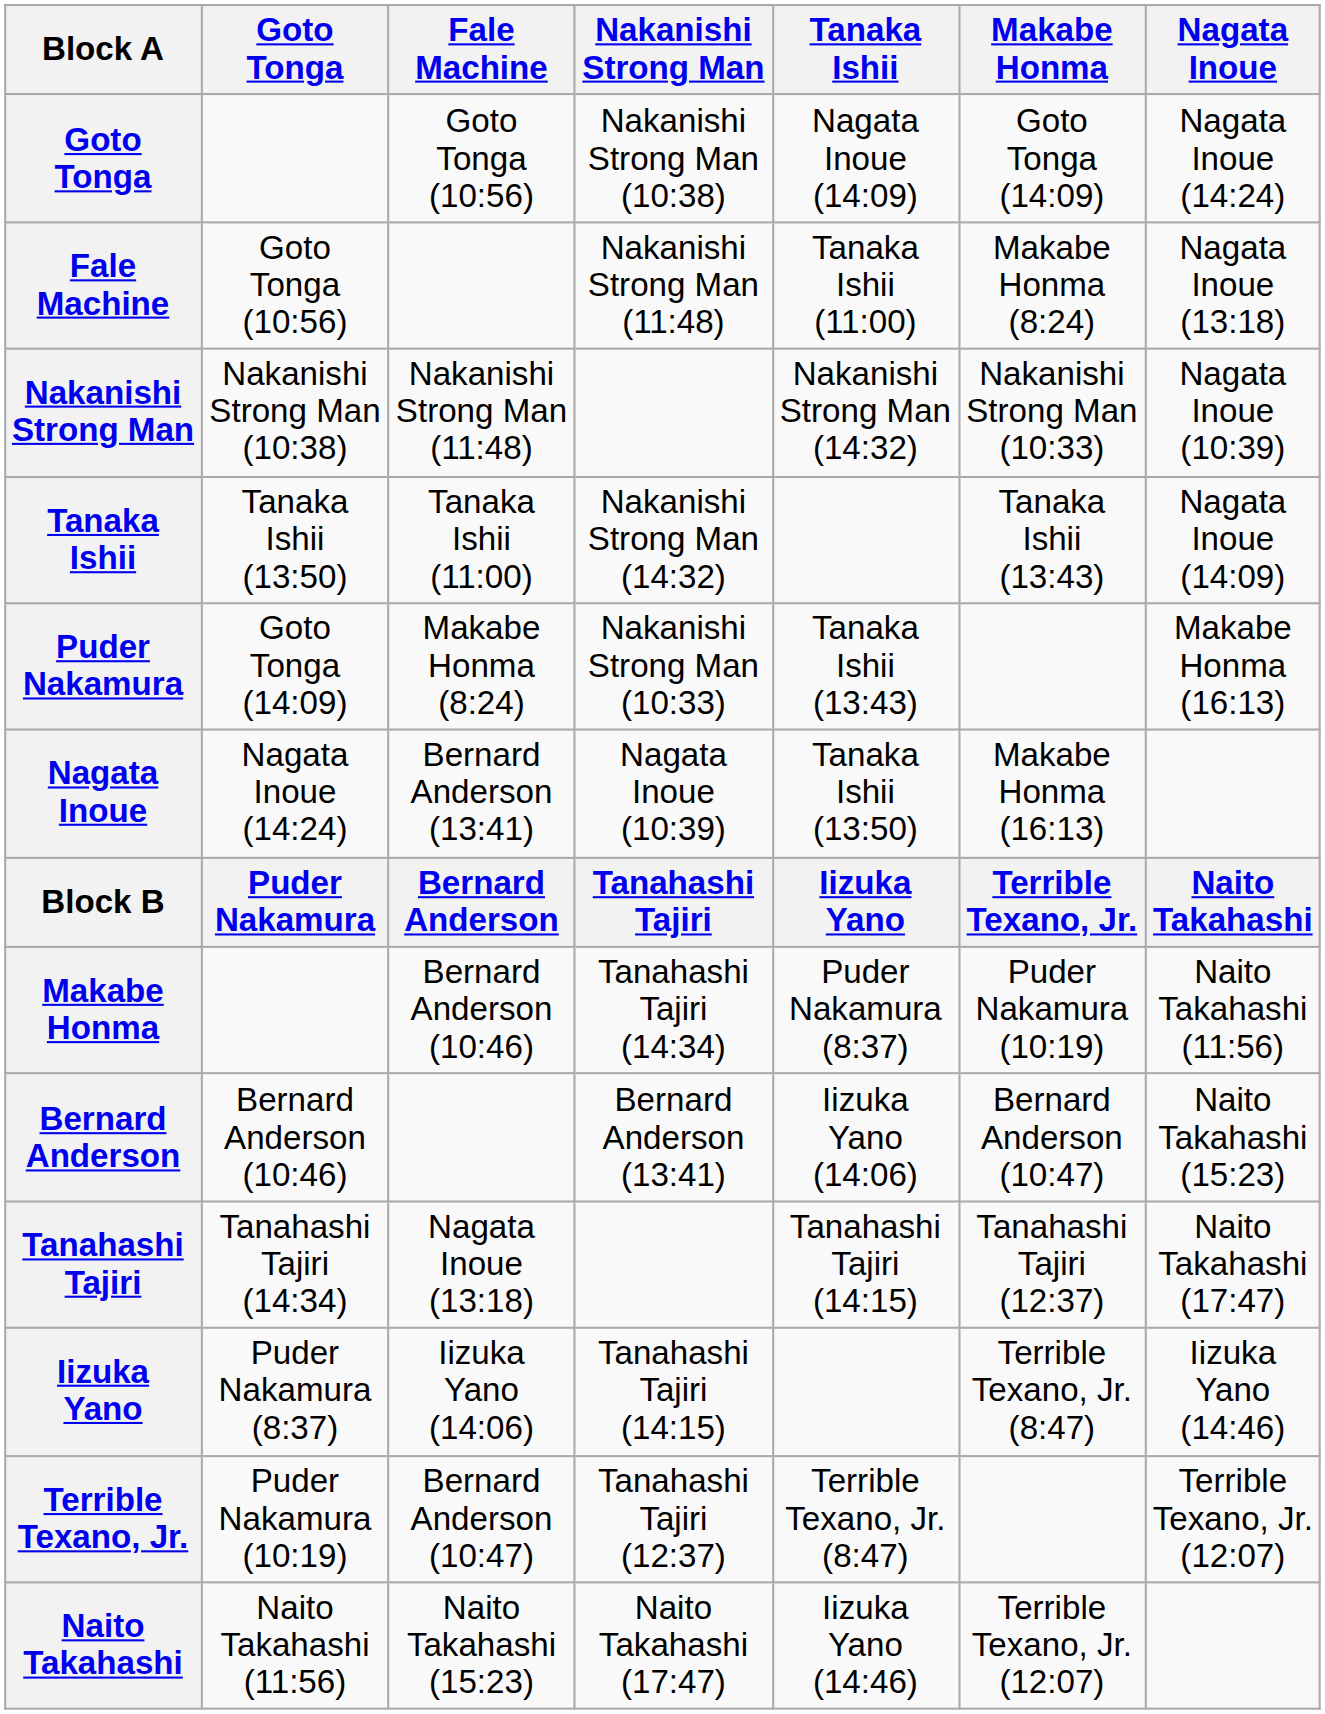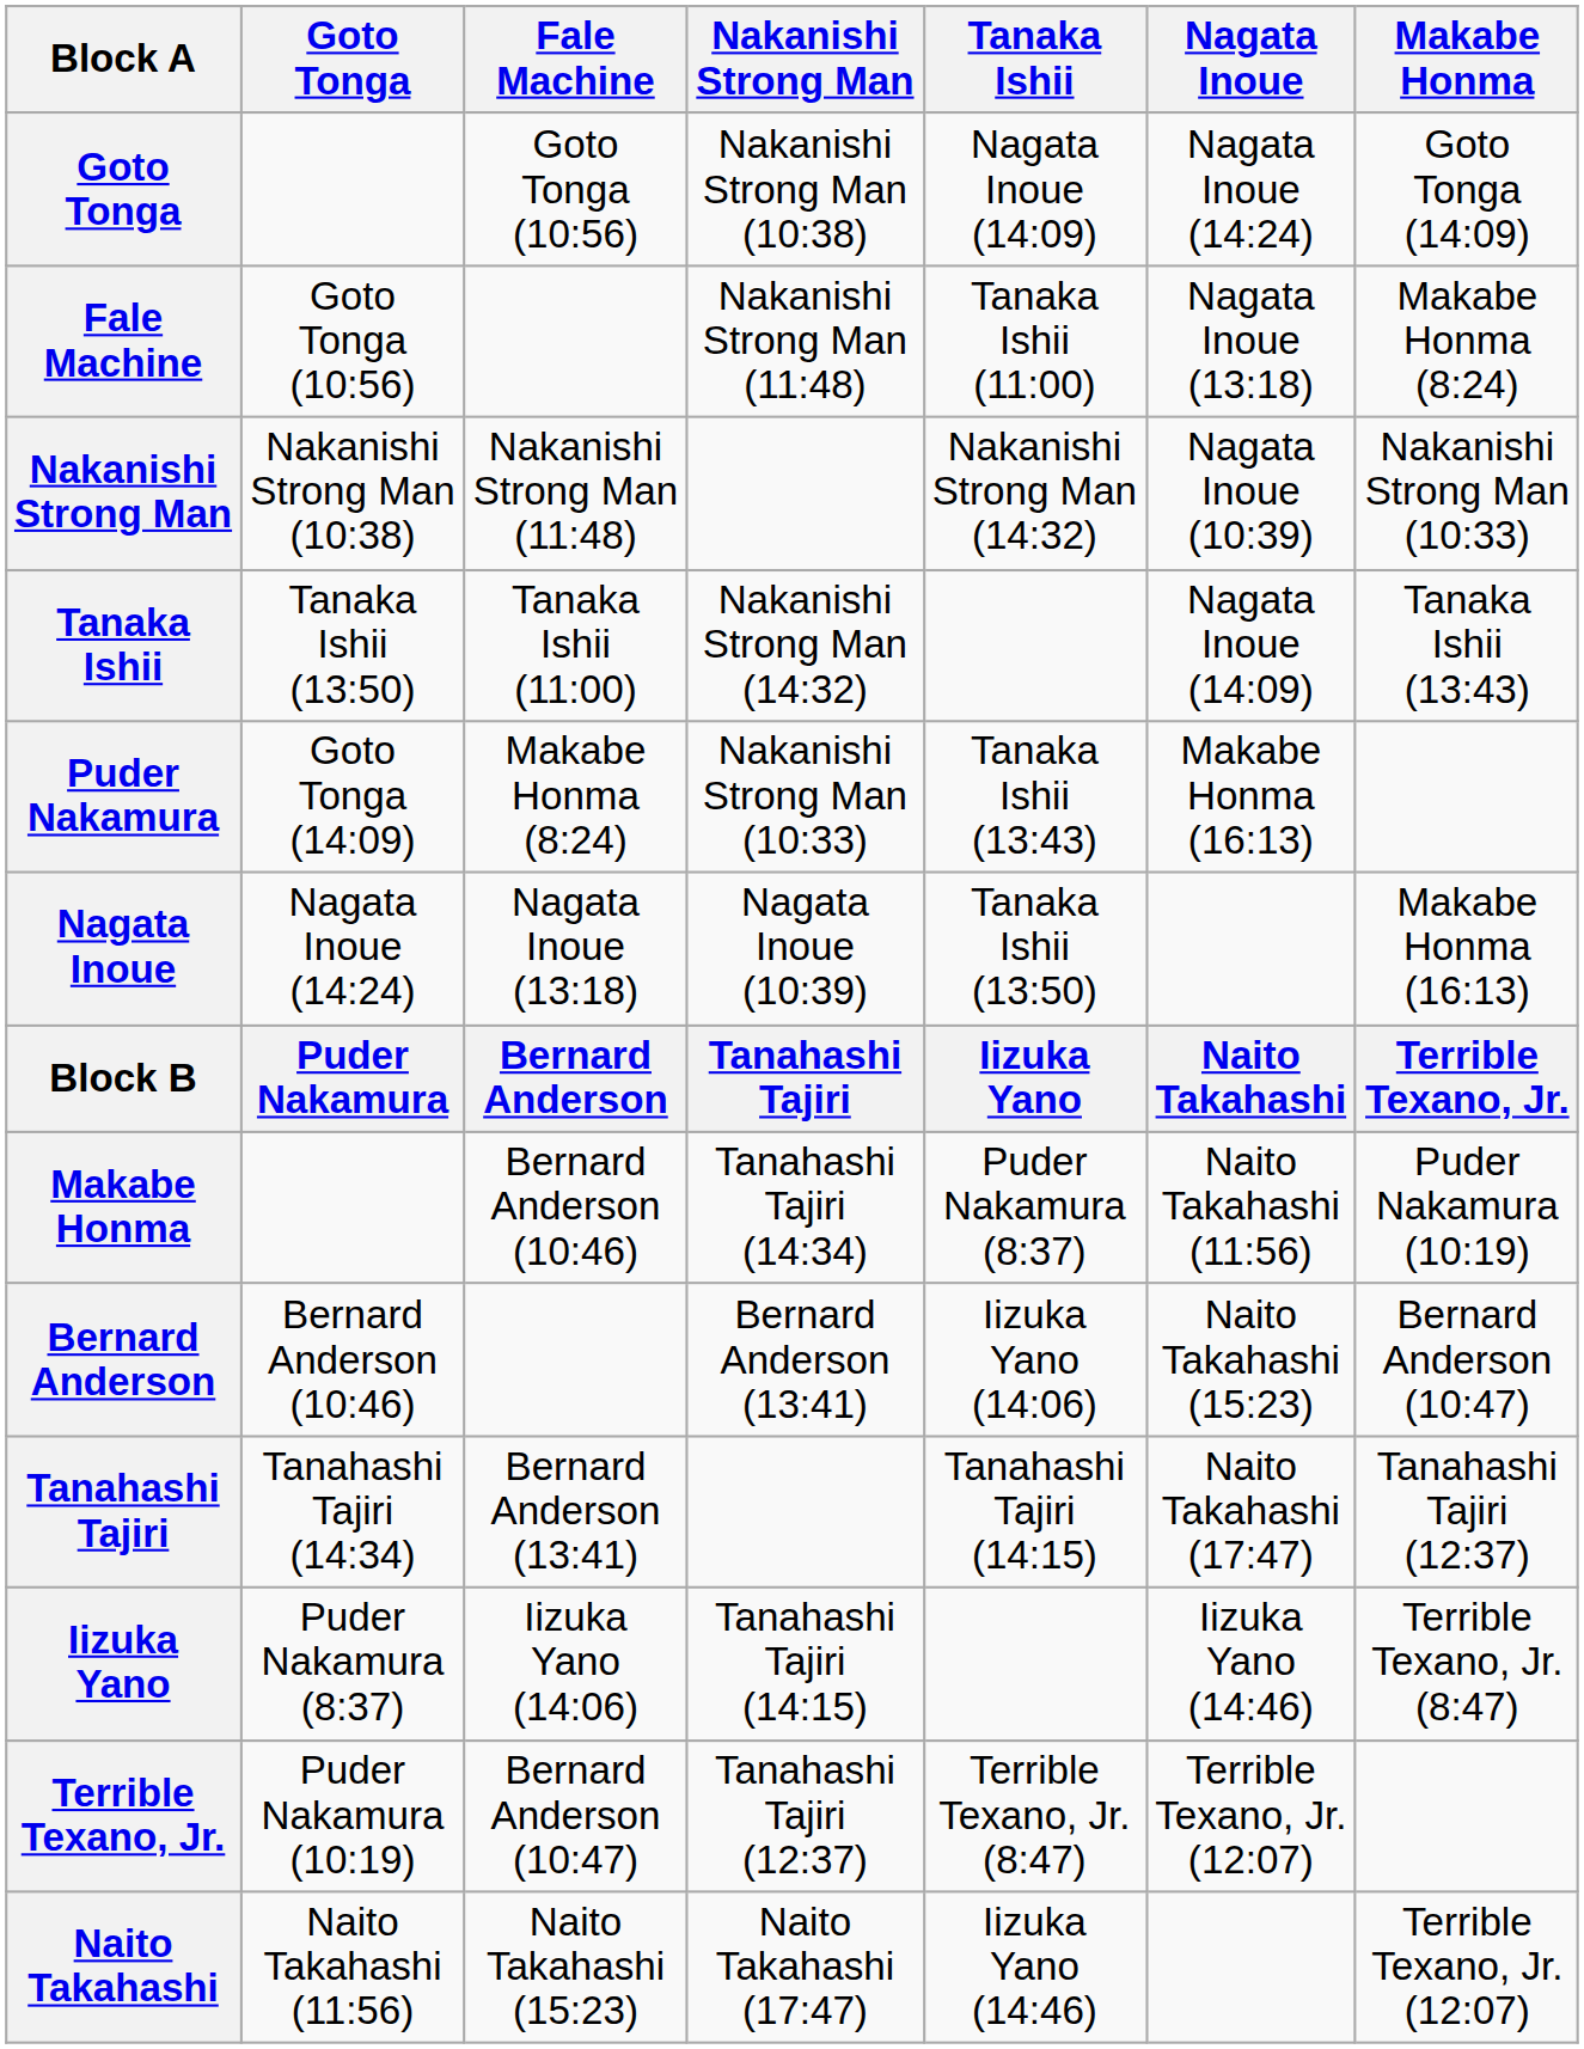 <table class="wikitable" style="text-align:center; margin: 1em auto 1em auto">
 <tr align="center">
 <th>Block A</th>
 <th><a href='#'>Goto</a><br><a href='#'>Tonga</a></th>
 <th><a href='#'>Fale</a><br><a href='#'>Machine</a></th>
 <th><a href='#'>Nakanishi</a><br><a href='#'>Strong Man</a></th>
 <th><a href='#'>Tanaka</a><br><a href='#'>Ishii</a></th>
+<th><a href='#'>Nagata</a><br><a href='#'>Inoue</a></th>
 <th><a href='#'>Makabe</a><br><a href='#'>Honma</a></th>
-<th><a href='#'>Nagata</a><br><a href='#'>Inoue</a></th>
 </tr>
 <tr align="center">
 <th><a href='#'>Goto</a><br><a href='#'>Tonga</a></th>
 <td></td>
 <td>Goto<br>Tonga<br>(10:56)</td>
 <td>Nakanishi<br>Strong Man<br>(10:38)</td>
 <td>Nagata<br>Inoue<br>(14:09)</td>
+<td>Nagata<br>Inoue<br>(14:24)</td>
 <td>Goto<br>Tonga<br>(14:09)</td>
-<td>Nagata<br>Inoue<br>(14:24)</td>
 </tr>
 <tr align="center">
 <th><a href='#'>Fale</a><br><a href='#'>Machine</a></th>
 <td>Goto<br>Tonga<br>(10:56)</td>
 <td></td>
 <td>Nakanishi<br>Strong Man<br>(11:48)</td>
 <td>Tanaka<br>Ishii<br>(11:00)</td>
+<td>Nagata<br>Inoue<br>(13:18)</td>
 <td>Makabe<br>Honma<br>(8:24)</td>
-<td>Nagata<br>Inoue<br>(13:18)</td>
 </tr>
 <tr align="center">
 <th><a href='#'>Nakanishi</a><br><a href='#'>Strong Man</a></th>
 <td>Nakanishi<br>Strong Man<br>(10:38)</td>
 <td>Nakanishi<br>Strong Man<br>(11:48)</td>
 <td></td>
 <td>Nakanishi<br>Strong Man<br>(14:32)</td>
+<td>Nagata<br>Inoue<br>(10:39)</td>
 <td>Nakanishi<br>Strong Man<br>(10:33)</td>
-<td>Nagata<br>Inoue<br>(10:39)</td>
 </tr>
 <tr align="center">
 <th><a href='#'>Tanaka</a><br><a href='#'>Ishii</a></th>
 <td>Tanaka<br>Ishii<br>(13:50)</td>
 <td>Tanaka<br>Ishii<br>(11:00)</td>
 <td>Nakanishi<br>Strong Man<br>(14:32)</td>
 <td></td>
+<td>Nagata<br>Inoue<br>(14:09)</td>
 <td>Tanaka<br>Ishii<br>(13:43)</td>
-<td>Nagata<br>Inoue<br>(14:09)</td>
 </tr>
 <tr align="center">
 <th><a href='#'>Puder</a><br><a href='#'>Nakamura</a></th>
 <td>Goto<br>Tonga<br>(14:09)</td>
 <td>Makabe<br>Honma<br>(8:24)</td>
 <td>Nakanishi<br>Strong Man<br>(10:33)</td>
 <td>Tanaka<br>Ishii<br>(13:43)</td>
+<td>Makabe<br>Honma<br>(16:13)</td>
 <td></td>
-<td>Makabe<br>Honma<br>(16:13)</td>
 </tr>
 <tr align="center">
 <th><a href='#'>Nagata</a><br><a href='#'>Inoue</a></th>
 <td>Nagata<br>Inoue<br>(14:24)</td>
-<td>Bernard<br>Anderson<br>(13:41)</td>
+<td>Nagata<br>Inoue<br>(13:18)</td>
 <td>Nagata<br>Inoue<br>(10:39)</td>
 <td>Tanaka<br>Ishii<br>(13:50)</td>
+<td></td>
 <td>Makabe<br>Honma<br>(16:13)</td>
-<td></td>
 </tr>
 <tr align="center">
 <th>Block B</th>
 <th><a href='#'>Puder</a><br><a href='#'>Nakamura</a></th>
 <th><a href='#'>Bernard</a><br><a href='#'>Anderson</a></th>
 <th><a href='#'>Tanahashi</a><br><a href='#'>Tajiri</a></th>
 <th><a href='#'>Iizuka</a><br><a href='#'>Yano</a></th>
+<th><a href='#'>Naito</a><br><a href='#'>Takahashi</a></th>
 <th><a href='#'>Terrible</a><br><a href='#'>Texano, Jr.</a></th>
-<th><a href='#'>Naito</a><br><a href='#'>Takahashi</a></th>
 </tr>
 <tr align="center">
 <th><a href='#'>Makabe</a><br><a href='#'>Honma</a></th>
 <td></td>
 <td>Bernard<br>Anderson<br>(10:46)</td>
 <td>Tanahashi<br>Tajiri<br>(14:34)</td>
 <td>Puder<br>Nakamura<br>(8:37)</td>
+<td>Naito<br>Takahashi<br>(11:56)</td>
 <td>Puder<br>Nakamura<br>(10:19)</td>
-<td>Naito<br>Takahashi<br>(11:56)</td>
 </tr>
 <tr align="center">
 <th><a href='#'>Bernard</a><br><a href='#'>Anderson</a></th>
 <td>Bernard<br>Anderson<br>(10:46)</td>
 <td></td>
 <td>Bernard<br>Anderson<br>(13:41)</td>
 <td>Iizuka<br>Yano<br>(14:06)</td>
+<td>Naito<br>Takahashi<br>(15:23)</td>
 <td>Bernard<br>Anderson<br>(10:47)</td>
-<td>Naito<br>Takahashi<br>(15:23)</td>
 </tr>
 <tr align="center">
 <th><a href='#'>Tanahashi</a><br><a href='#'>Tajiri</a></th>
 <td>Tanahashi<br>Tajiri<br>(14:34)</td>
-<td>Nagata<br>Inoue<br>(13:18)</td>
+<td>Bernard<br>Anderson<br>(13:41)</td>
 <td></td>
 <td>Tanahashi<br>Tajiri<br>(14:15)</td>
+<td>Naito<br>Takahashi<br>(17:47)</td>
 <td>Tanahashi<br>Tajiri<br>(12:37)</td>
-<td>Naito<br>Takahashi<br>(17:47)</td>
 </tr>
 <tr align="center">
 <th><a href='#'>Iizuka</a><br><a href='#'>Yano</a></th>
 <td>Puder<br>Nakamura<br>(8:37)</td>
 <td>Iizuka<br>Yano<br>(14:06)</td>
 <td>Tanahashi<br>Tajiri<br>(14:15)</td>
 <td></td>
+<td>Iizuka<br>Yano<br>(14:46)</td>
 <td>Terrible<br>Texano, Jr.<br>(8:47)</td>
-<td>Iizuka<br>Yano<br>(14:46)</td>
 </tr>
 <tr align="center">
 <th><a href='#'>Terrible</a><br><a href='#'>Texano, Jr.</a></th>
 <td>Puder<br>Nakamura<br>(10:19)</td>
 <td>Bernard<br>Anderson<br>(10:47)</td>
 <td>Tanahashi<br>Tajiri<br>(12:37)</td>
 <td>Terrible<br>Texano, Jr.<br>(8:47)</td>
+<td>Terrible<br>Texano, Jr.<br>(12:07)</td>
 <td></td>
-<td>Terrible<br>Texano, Jr.<br>(12:07)</td>
 </tr>
 <tr align="center">
 <th><a href='#'>Naito</a><br><a href='#'>Takahashi</a></th>
 <td>Naito<br>Takahashi<br>(11:56)</td>
 <td>Naito<br>Takahashi<br>(15:23)</td>
 <td>Naito<br>Takahashi<br>(17:47)</td>
 <td>Iizuka<br>Yano<br>(14:46)</td>
+<td></td>
 <td>Terrible<br>Texano, Jr.<br>(12:07)</td>
-<td></td>
 </tr>
 </table>
